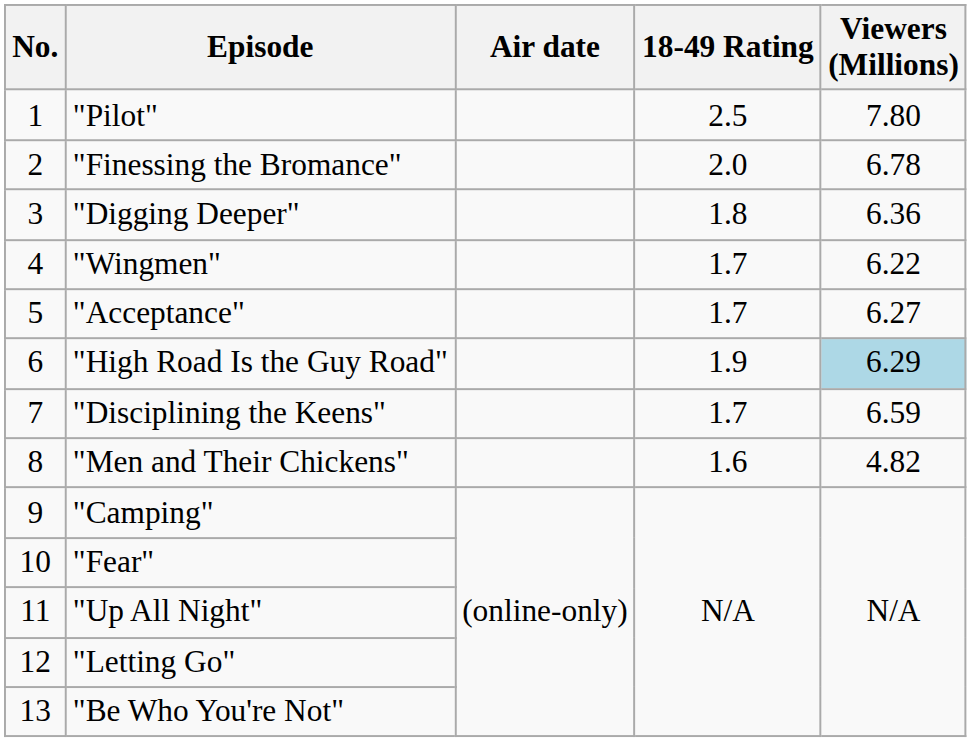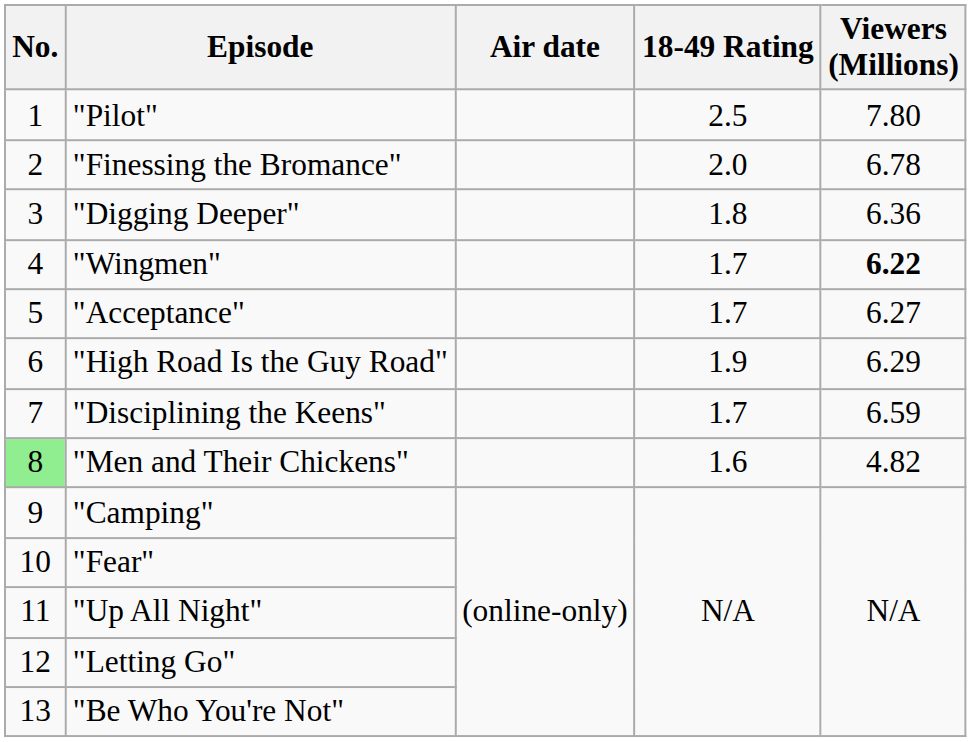 <table class="wikitable">
 <tr>
 <th>No.</th>
 <th>Episode</th>
 <th>Air date</th>
 <th>18-49 Rating</th>
 <th>Viewers<br>(Millions)</th>
 </tr>
 <tr>
 <td align="center">1</td>
 <td>"Pilot"</td>
 <td></td>
 <td align="center">2.5</td>
 <td align="center">7.80</td>
 </tr>
 <tr>
 <td align="center">2</td>
 <td>"Finessing the Bromance"</td>
 <td></td>
 <td align="center">2.0</td>
 <td align="center">6.78</td>
 </tr>
 <tr>
 <td align="center">3</td>
 <td>"Digging Deeper"</td>
 <td></td>
 <td align="center">1.8</td>
 <td align="center">6.36</td>
 </tr>
 <tr>
 <td align="center">4</td>
 <td>"Wingmen"</td>
 <td></td>
 <td align="center">1.7</td>
-<td align="center">6.22</td>
+<td align="center"><strong>6.22</strong></td>
 </tr>
 <tr>
 <td align="center">5</td>
 <td>"Acceptance"</td>
 <td></td>
 <td align="center">1.7</td>
 <td align="center">6.27</td>
 </tr>
 <tr>
 <td align="center">6</td>
 <td>"High Road Is the Guy Road"</td>
 <td></td>
 <td align="center">1.9</td>
-<td align="center" style="background: lightblue;">6.29</td>
+<td align="center">6.29</td>
 </tr>
 <tr>
 <td align="center">7</td>
 <td>"Disciplining the Keens"</td>
 <td></td>
 <td align="center">1.7</td>
 <td align="center">6.59</td>
 </tr>
 <tr>
-<td align="center">8</td>
+<td align="center" style="background: lightgreen;">8</td>
 <td>"Men and Their Chickens"</td>
 <td></td>
 <td align="center">1.6</td>
 <td align="center">4.82</td>
 </tr>
 <tr>
 <td align="center">9</td>
 <td>"Camping"</td>
 <td rowspan="5" align="center">(online-only)</td>
 <td rowspan="5" align="center">N/A</td>
 <td rowspan="5" align="center">N/A</td>
 </tr>
 <tr>
 <td align="center">10</td>
 <td>"Fear"</td>
 </tr>
 <tr>
 <td align="center">11</td>
 <td>"Up All Night"</td>
 </tr>
 <tr>
 <td align="center">12</td>
 <td>"Letting Go"</td>
 </tr>
 <tr>
 <td align="center">13</td>
 <td>"Be Who You're Not"</td>
 </tr>
 </table>
